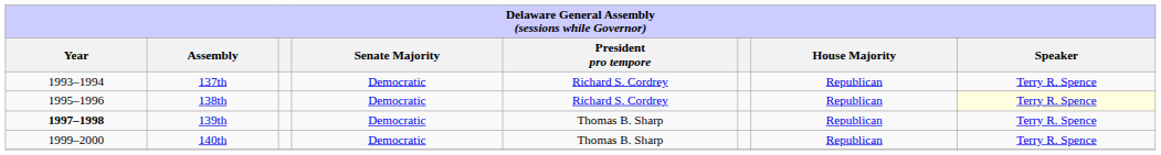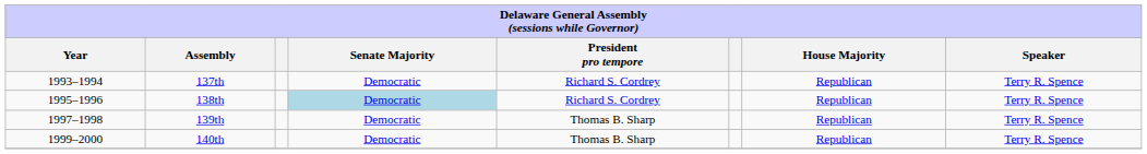 <table class="wikitable"  style="text-align:center; width:94%; margin:auto;">
 <tr style="background:#ccc;">
 <th colspan="12" style="background:#ccf;">Delaware General Assembly<br> <em>(sessions while Governor)</em></th>
 </tr>
 <tr>
 <th>Year</th>
 <th>Assembly</th>
 <th></th>
 <th>Senate Majority</th>
 <th>President<br><em>pro tempore</em></th>
 <th></th>
 <th>House Majority</th>
 <th>Speaker</th>
 </tr>
 <tr>
 <td>1993–1994</td>
 <td><a href='#'>137th</a></td>
 <td></td>
 <td><a href='#'>Democratic</a></td>
 <td><a href='#'>Richard S. Cordrey</a></td>
 <td></td>
 <td><a href='#'>Republican</a></td>
 <td><a href='#'>Terry R. Spence</a></td>
 </tr>
 <tr>
 <td>1995–1996</td>
 <td><a href='#'>138th</a></td>
 <td></td>
-<td><a href='#'>Democratic</a></td>
+<td style="background: lightblue;"><a href='#'>Democratic</a></td>
 <td><a href='#'>Richard S. Cordrey</a></td>
 <td></td>
 <td><a href='#'>Republican</a></td>
-<td style="background: lightyellow;"><a href='#'>Terry R. Spence</a></td>
+<td><a href='#'>Terry R. Spence</a></td>
 </tr>
 <tr>
-<td><strong>1997–1998</strong></td>
+<td>1997–1998</td>
 <td><a href='#'>139th</a></td>
 <td></td>
 <td><a href='#'>Democratic</a></td>
 <td>Thomas B. Sharp</td>
 <td></td>
 <td><a href='#'>Republican</a></td>
 <td><a href='#'>Terry R. Spence</a></td>
 </tr>
 <tr>
 <td>1999–2000</td>
 <td><a href='#'>140th</a></td>
 <td></td>
 <td><a href='#'>Democratic</a></td>
 <td>Thomas B. Sharp</td>
 <td></td>
 <td><a href='#'>Republican</a></td>
 <td><a href='#'>Terry R. Spence</a></td>
 </tr>
 <tr>
 </tr>
 </table>
